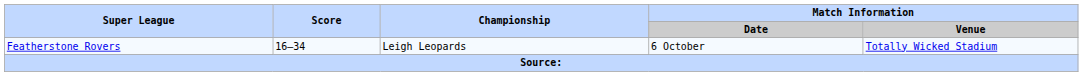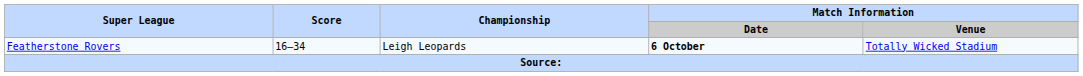 <table class="wikitable defaultcenter col1right col3left" style="font-size:90%; background-color:#F5FAFF" width=100%>
 <tr>
 <th scope="col" rowspan=2 style="background-color:#C1D8FF" width=25%>Super League</th>
 <th scope="col" rowspan=2 style="background-color:#C1D8FF" width=10%>Score</th>
 <th scope="col" rowspan=2 style="background-color:#C1D8FF" width=25%>Championship</th>
 <th colspan=2 style="background-color:#C1D8FF">Match Information</th>
 </tr>
 <tr>
 <th scope="col" style="background-color:#CCCCCC" width=20%>Date</th>
 <th scope="col" style="background-color:#CCCCCC" width=20%>Venue</th>
 </tr>
 <tr>
 <td><a href='#'>Featherstone Rovers</a> </td>
 <td>16–34</td>
 <td> Leigh Leopards</td>
-<td>6 October</td>
+<td><strong>6 October</strong></td>
 <td><a href='#'>Totally Wicked Stadium</a></td>
 </tr>
 <tr>
 <th colspan=5 style="background-color:#c1d8ff;">Source:</th>
 </tr>
 </table>
